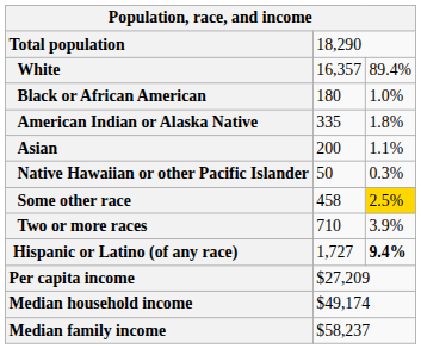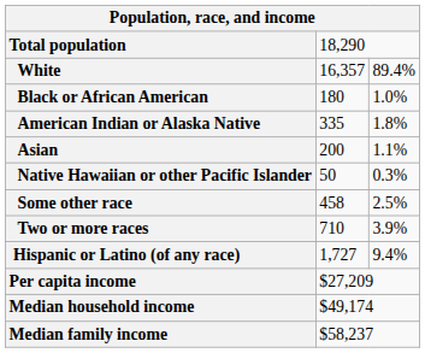 <table class="wikitable collapsible collapsed">
 <tr>
 <th colspan=6>Population, race, and income</th>
 </tr>
 <tr>
 <th scope="row" style="text-align: left;">Total population</th>
 <td colspan=2>18,290</td>
 </tr>
 <tr>
 <th scope="row" style="text-align: left;">  White</th>
 <td>16,357</td>
 <td>89.4%</td>
 </tr>
 <tr>
 <th scope="row" style="text-align: left;">  Black or African American</th>
 <td>180</td>
 <td>1.0%</td>
 </tr>
 <tr>
 <th scope="row" style="text-align: left;">  American Indian or Alaska Native</th>
 <td>335</td>
 <td>1.8%</td>
 </tr>
 <tr>
 <th scope="row" style="text-align: left;">  Asian</th>
 <td>200</td>
 <td>1.1%</td>
 </tr>
 <tr>
 <th scope="row" style="text-align: left;">  Native Hawaiian or other Pacific Islander</th>
 <td>50</td>
 <td>0.3%</td>
 </tr>
 <tr>
 <th scope="row" style="text-align: left;">  Some other race</th>
 <td>458</td>
-<td style="background: gold;">2.5%</td>
+<td>2.5%</td>
 </tr>
 <tr>
 <th scope="row" style="text-align: left;">  Two or more races</th>
 <td>710</td>
 <td>3.9%</td>
 </tr>
 <tr>
 <th scope="row" style="text-align: left;"> Hispanic or Latino (of any race)</th>
 <td>1,727</td>
-<td><strong>9.4%</strong></td>
+<td>9.4%</td>
 </tr>
 <tr>
 <th scope="row" style="text-align: left;">Per capita income</th>
 <td colspan=2>$27,209</td>
 </tr>
 <tr>
 <th scope="row" style="text-align: left;">Median household income</th>
 <td colspan=2>$49,174</td>
 </tr>
 <tr>
 <th scope="row" style="text-align: left;">Median family income</th>
 <td colspan=2>$58,237</td>
 </tr>
 </table>
